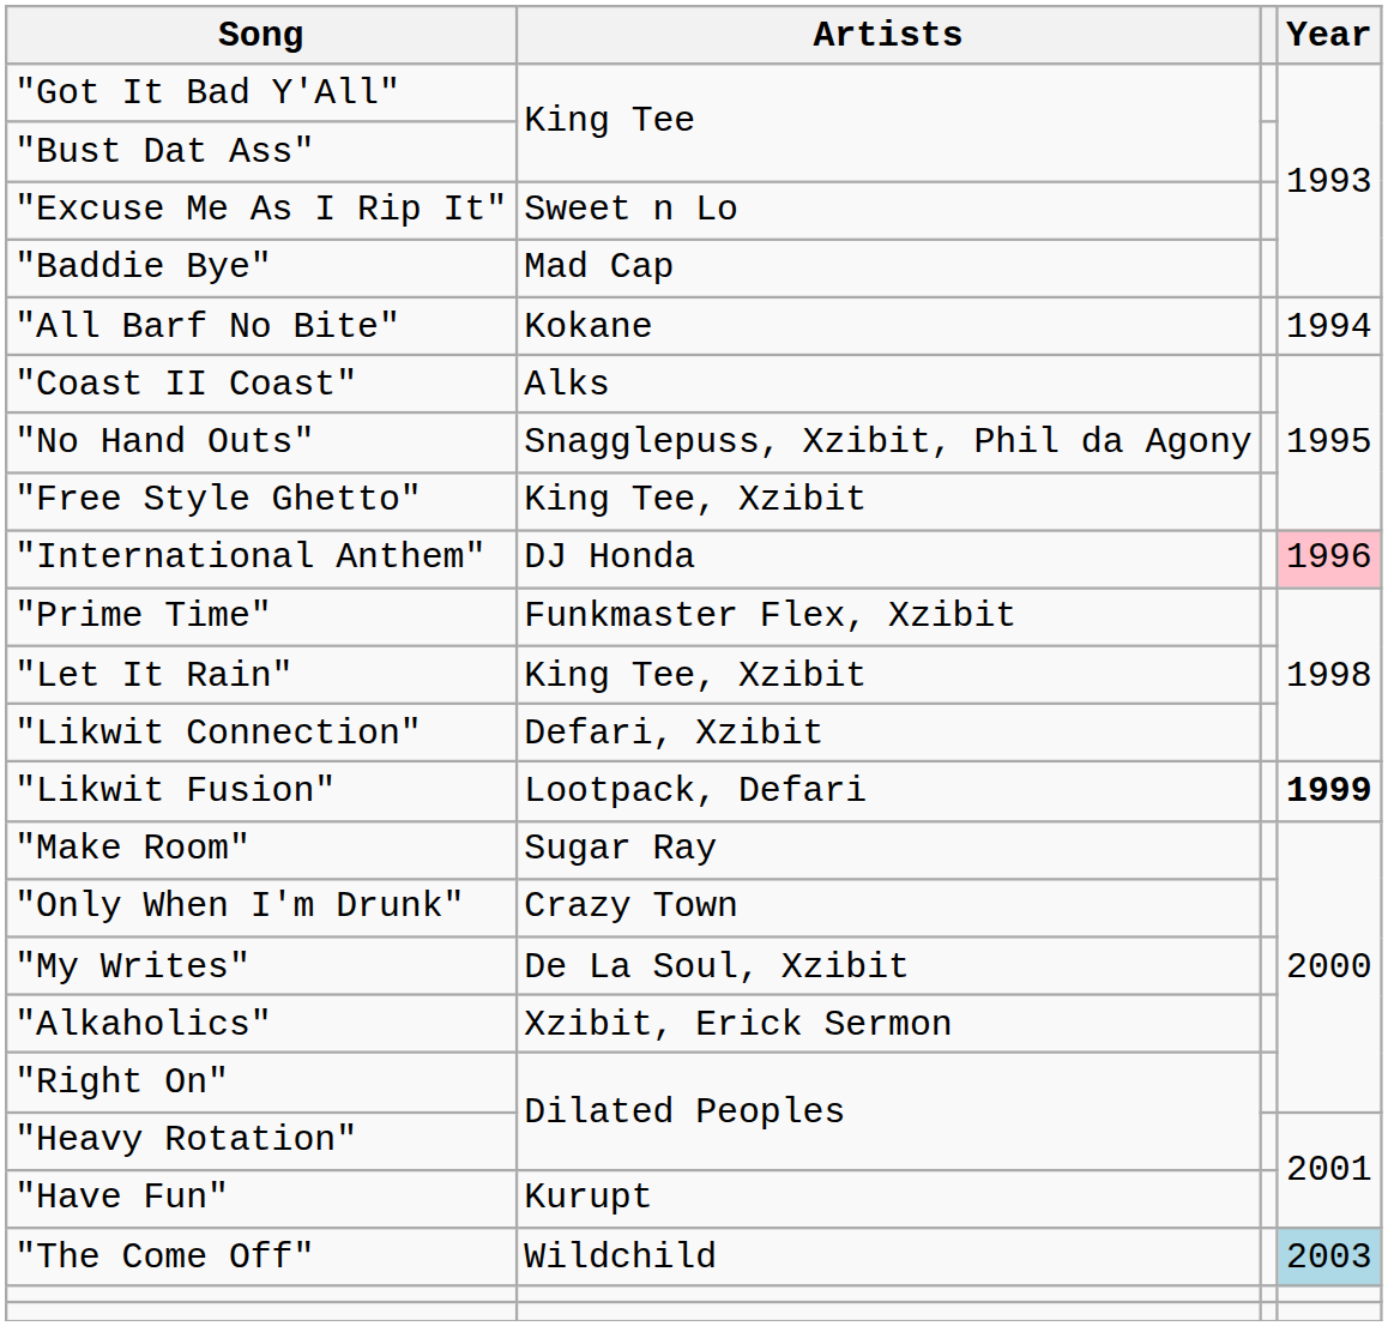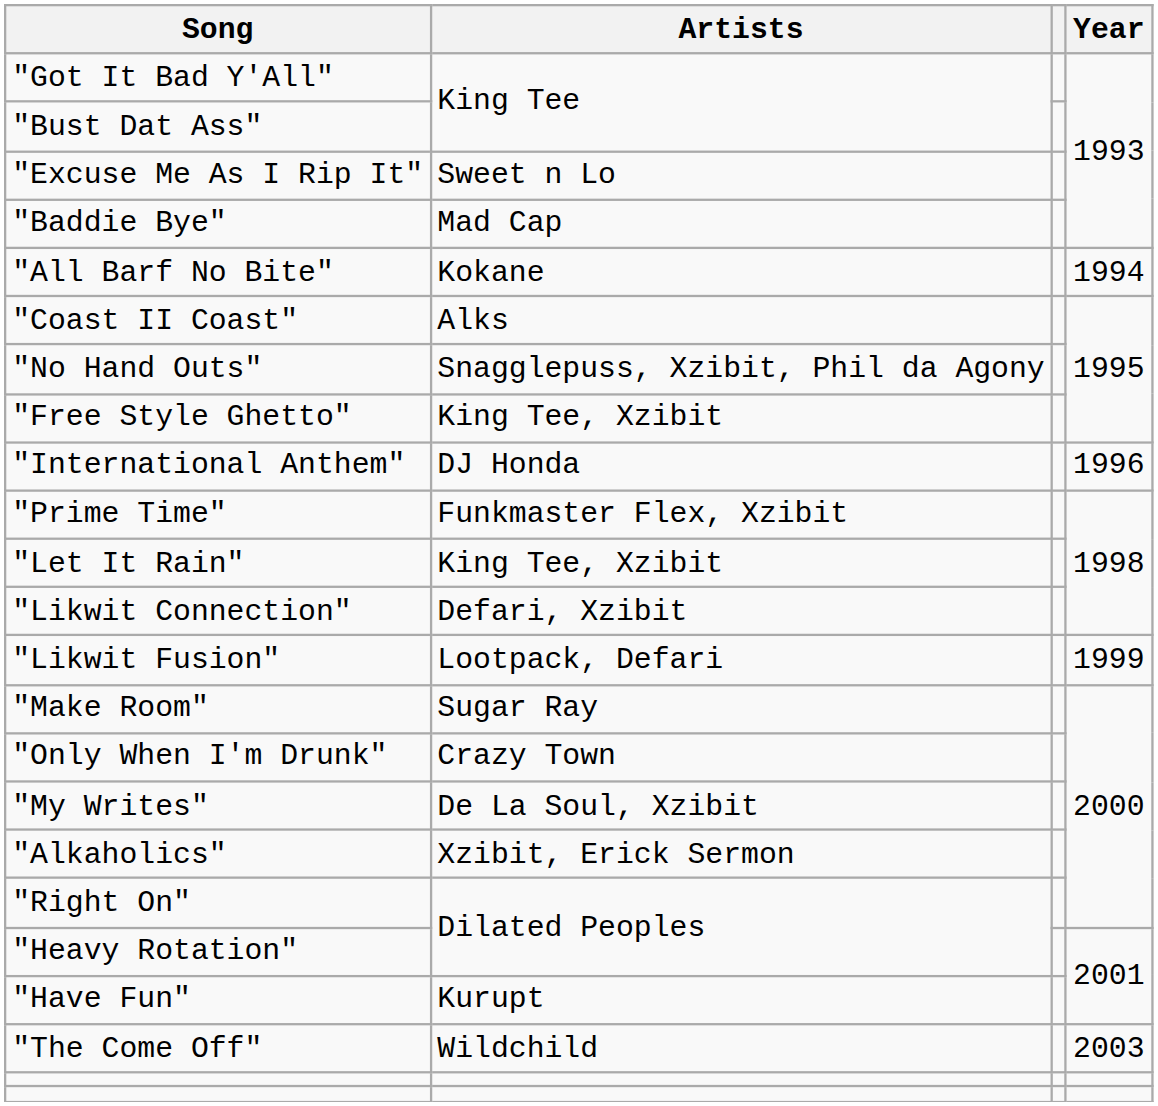 <table class="wikitable">
 <tr>
 <th>Song</th>
 <th>Artists</th>
 <th></th>
 <th>Year</th>
 </tr>
 <tr>
 <td>"Got It Bad Y'All"</td>
 <td rowspan="2">King Tee</td>
 <td></td>
 <td rowspan="4">1993</td>
 </tr>
 <tr>
 <td>"Bust Dat Ass"</td>
 <td></td>
 </tr>
 <tr>
 <td>"Excuse Me As I Rip It"</td>
 <td>Sweet n Lo</td>
 <td></td>
 </tr>
 <tr>
 <td>"Baddie Bye"</td>
 <td>Mad Cap</td>
 <td></td>
 </tr>
 <tr>
 <td>"All Barf No Bite"</td>
 <td>Kokane</td>
 <td></td>
 <td>1994</td>
 </tr>
 <tr>
 <td>"Coast II Coast"</td>
 <td>Alks</td>
 <td></td>
 <td rowspan="3">1995</td>
 </tr>
 <tr>
 <td>"No Hand Outs"</td>
 <td>Snagglepuss, Xzibit, Phil da Agony</td>
 <td></td>
 </tr>
 <tr>
 <td>"Free Style Ghetto"</td>
 <td>King Tee, Xzibit</td>
 <td></td>
 </tr>
 <tr>
 <td>"International Anthem"</td>
 <td>DJ Honda</td>
 <td></td>
-<td style="background: pink;">1996</td>
+<td>1996</td>
 </tr>
 <tr>
 <td>"Prime Time"</td>
 <td>Funkmaster Flex, Xzibit</td>
 <td></td>
 <td rowspan="3">1998</td>
 </tr>
 <tr>
 <td>"Let It Rain"</td>
 <td>King Tee, Xzibit</td>
 <td></td>
 </tr>
 <tr>
 <td>"Likwit Connection"</td>
 <td>Defari, Xzibit</td>
 <td></td>
 </tr>
 <tr>
 <td>"Likwit Fusion"</td>
 <td>Lootpack, Defari</td>
 <td></td>
-<td><strong>1999</strong></td>
+<td>1999</td>
 </tr>
 <tr>
 <td>"Make Room"</td>
 <td>Sugar Ray</td>
 <td></td>
 <td rowspan="5">2000</td>
 </tr>
 <tr>
 <td>"Only When I'm Drunk"</td>
 <td>Crazy Town</td>
 <td></td>
 </tr>
 <tr>
 <td>"My Writes"</td>
 <td>De La Soul, Xzibit</td>
 <td></td>
 </tr>
 <tr>
 <td>"Alkaholics"</td>
 <td>Xzibit, Erick Sermon</td>
 <td></td>
 </tr>
 <tr>
 <td>"Right On"</td>
 <td rowspan="2">Dilated Peoples</td>
 <td></td>
 </tr>
 <tr>
 <td>"Heavy Rotation"</td>
 <td></td>
 <td rowspan="2">2001</td>
 </tr>
 <tr>
 <td>"Have Fun"</td>
 <td>Kurupt</td>
 <td></td>
 </tr>
 <tr>
 <td>"The Come Off"</td>
 <td>Wildchild</td>
 <td></td>
-<td style="background: lightblue;">2003</td>
+<td>2003</td>
 </tr>
 <tr>
 <td></td>
 <td></td>
 <td></td>
 <td></td>
 </tr>
 <tr>
 <td></td>
 <td></td>
 <td></td>
 <td></td>
 </tr>
 </table>
